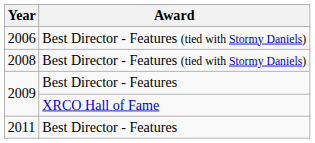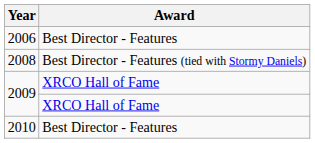 <table class="wikitable">
 <tr>
 <th>Year</th>
 <th>Award</th>
 </tr>
 <tr>
 <td>2006</td>
-<td>Best Director - Features <small>(tied with <a href='#'>Stormy Daniels</a>)</small></td>
+<td>Best Director - Features</td>
 </tr>
 <tr>
 <td>2008</td>
 <td>Best Director - Features <small>(tied with <a href='#'>Stormy Daniels</a>)</small></td>
 </tr>
 <tr>
 <td rowspan="2">2009</td>
-<td>Best Director - Features</td>
+<td><a href='#'>XRCO Hall of Fame</a></td>
 </tr>
 <tr>
 <td><a href='#'>XRCO Hall of Fame</a></td>
 </tr>
 <tr>
-<td>2011</td>
+<td>2010</td>
 <td>Best Director - Features</td>
 </tr>
 </table>
